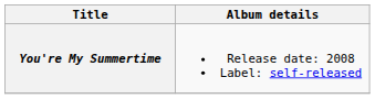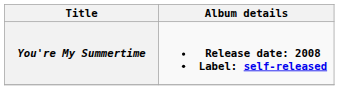 <table class="wikitable plainrowheaders" style="text-align:center;">
 <tr>
 <th style="width:14em;">Title</th>
 <th style="width:16em;">Album details</th>
 </tr>
 <tr>
 <th scope="row"><em>You're My Summertime</em></th>
-<td><br><ul><li>Release date: 2008</li><li>Label: <a href='#'>self-released</a></li></ul></td>
+<td><strong><br><ul><li>Release date: 2008</li><li>Label: <a href='#'>self-released</a></li></ul></strong></td>
 </tr>
 <tr>
 </tr>
 </table>
